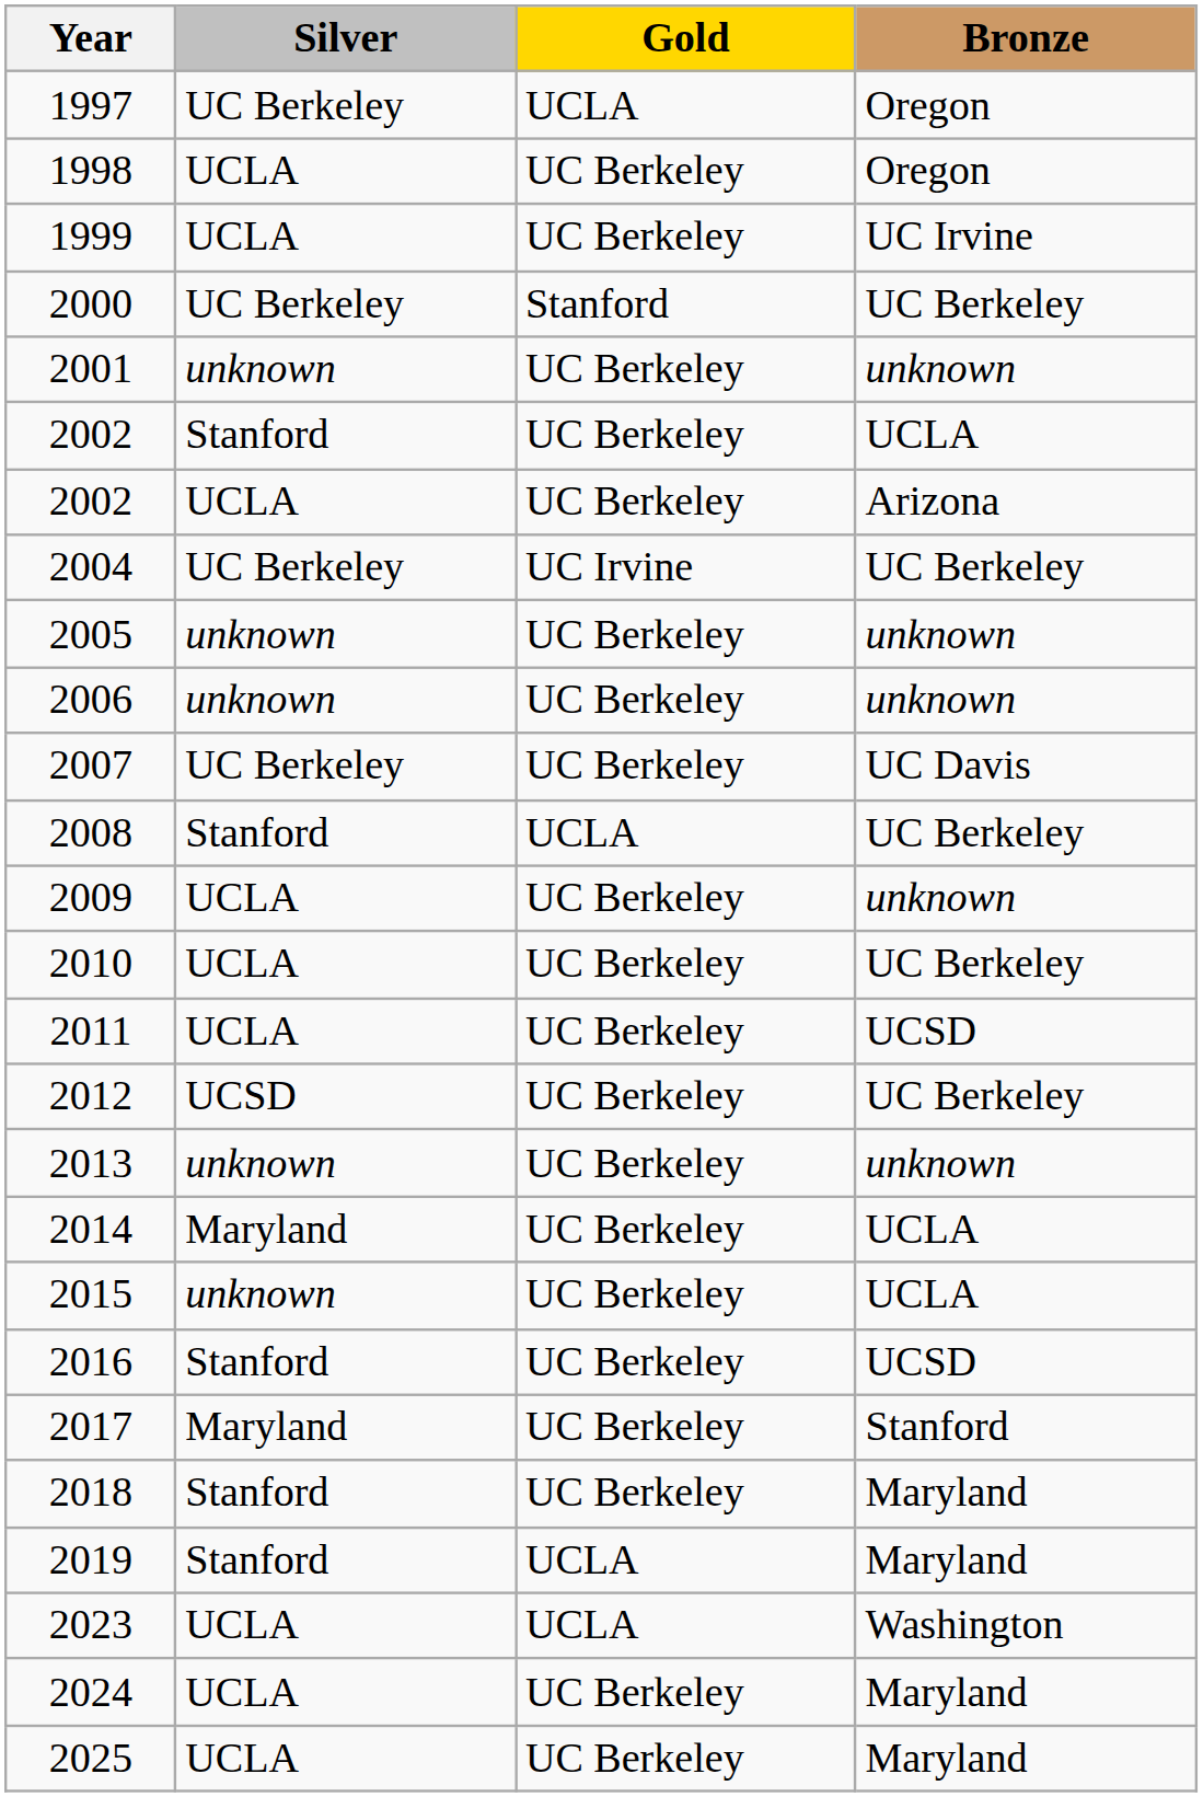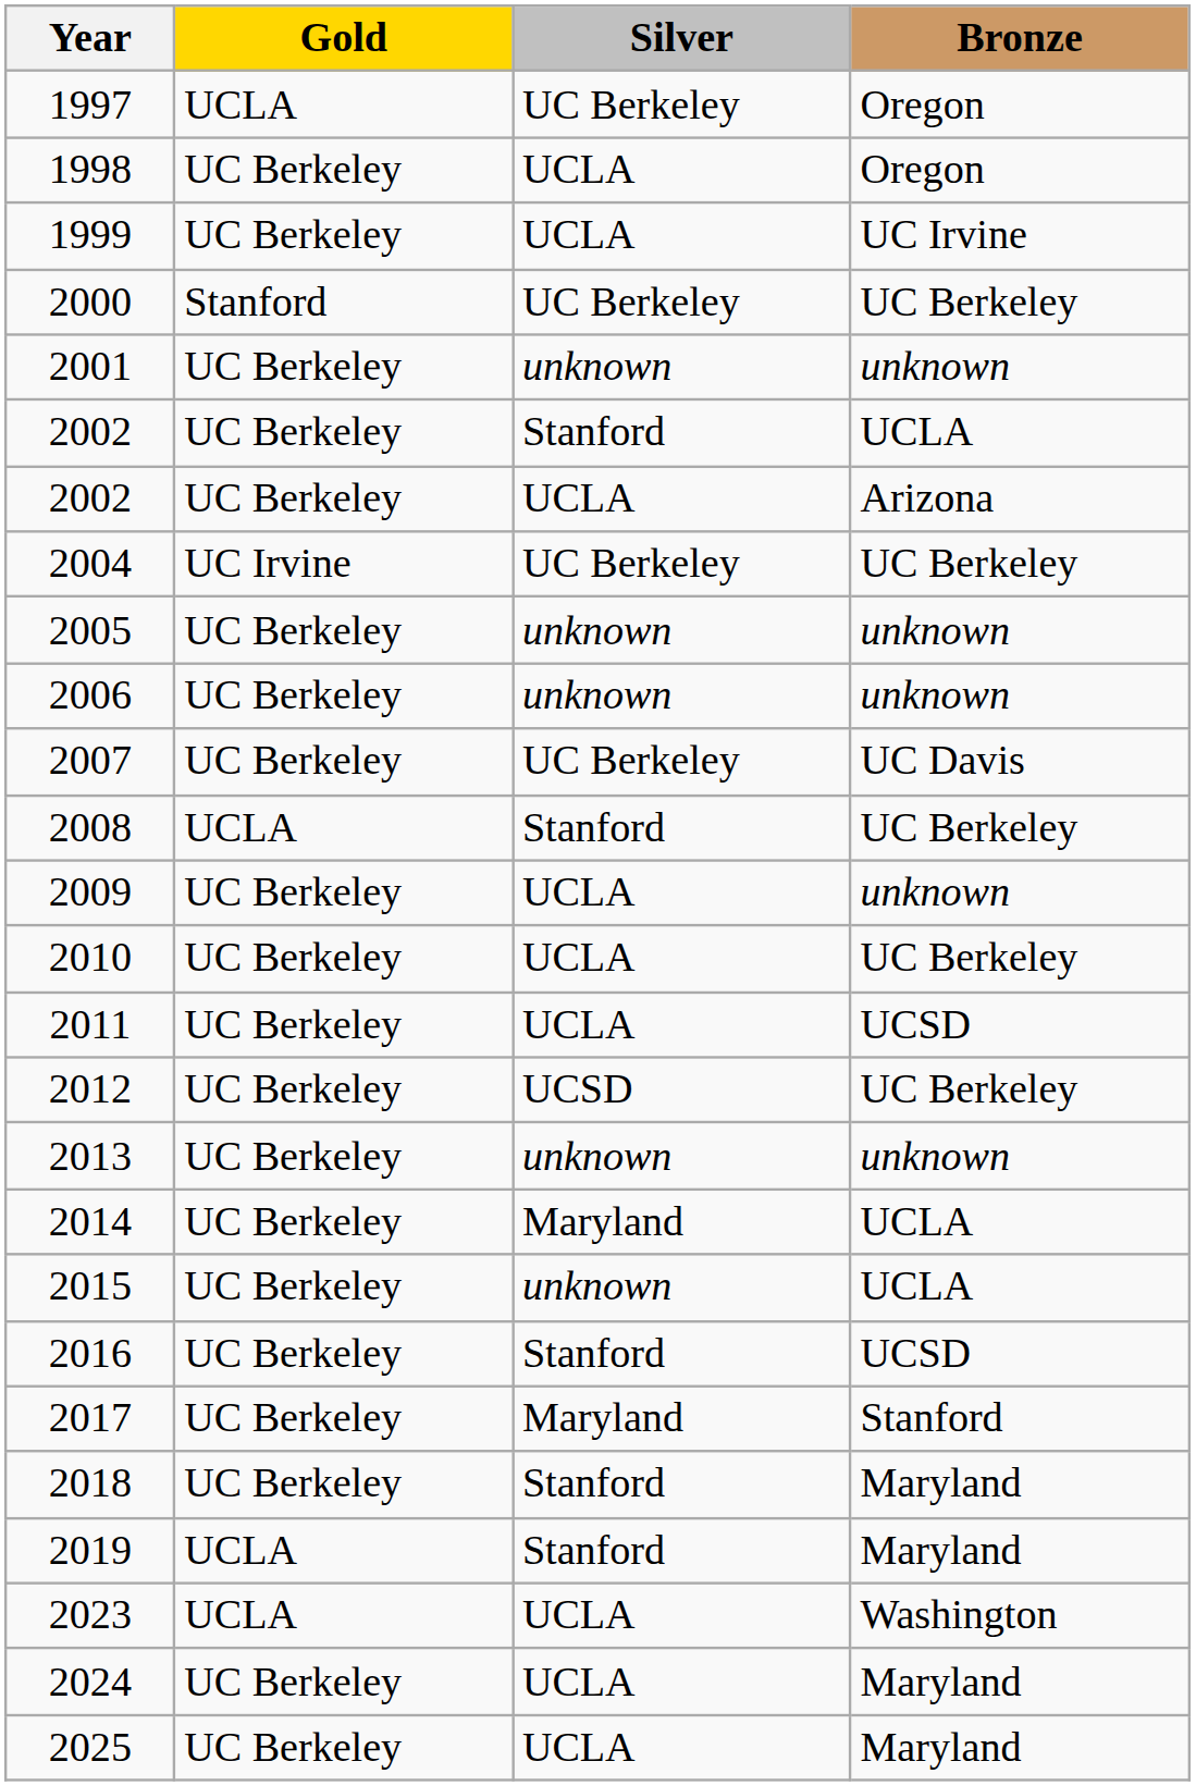 <table class="wikitable collapsible collapsed sortable;">
 <tr>
 <th scope="col" style="text-align:center; width:10%;">Year</th>
+<td scope="col" style="text-align:center; width:20%; background:gold"><strong>Gold</strong></td>
 <td scope="col" style="text-align:center; width:20%; background:silver"><strong>Silver</strong></td>
-<td scope="col" style="text-align:center; width:20%; background:gold"><strong>Gold</strong></td>
 <td scope="col" style="text-align:center; width:20%; background:#c96"><strong>Bronze</strong></td>
 </tr>
 <tr>
 <td align="center">1997</td>
+<td>UCLA</td>
+<td>UC Berkeley</td>
+<td>Oregon</td>
+</tr>
+<tr>
+<td align="center">1998</td>
 <td>UC Berkeley</td>
 <td>UCLA</td>
 <td>Oregon</td>
 </tr>
 <tr>
-<td align="center">1998</td>
+<td align="center">1999</td>
+<td>UC Berkeley</td>
 <td>UCLA</td>
-<td>UC Berkeley</td>
-<td>Oregon</td>
-</tr>
-<tr>
-<td align="center">1999</td>
-<td>UCLA</td>
-<td>UC Berkeley</td>
 <td>UC Irvine</td>
 </tr>
 <tr>
 <td align="center">2000</td>
+<td>Stanford</td>
 <td>UC Berkeley</td>
-<td>Stanford</td>
 <td>UC Berkeley</td>
 </tr>
 <tr>
 <td align="center">2001</td>
+<td>UC Berkeley</td>
 <td><em>unknown</em></td>
-<td>UC Berkeley</td>
 <td><em>unknown</em></td>
 </tr>
 <tr>
 <td align="center">2002</td>
+<td>UC Berkeley</td>
 <td>Stanford</td>
-<td>UC Berkeley</td>
 <td>UCLA</td>
 </tr>
 <tr>
 <td align="center">2002</td>
+<td>UC Berkeley</td>
 <td>UCLA</td>
-<td>UC Berkeley</td>
 <td>Arizona</td>
 </tr>
 <tr>
 <td align="center">2004</td>
+<td>UC Irvine</td>
 <td>UC Berkeley</td>
-<td>UC Irvine</td>
 <td>UC Berkeley</td>
 </tr>
 <tr>
 <td align="center">2005</td>
+<td>UC Berkeley</td>
 <td><em>unknown</em></td>
-<td>UC Berkeley</td>
 <td><em>unknown</em></td>
 </tr>
 <tr>
 <td align="center">2006</td>
+<td>UC Berkeley</td>
 <td><em>unknown</em></td>
-<td>UC Berkeley</td>
 <td><em>unknown</em></td>
 </tr>
 <tr>
 <td align="center">2007</td>
 <td>UC Berkeley</td>
 <td>UC Berkeley</td>
 <td>UC Davis</td>
 </tr>
 <tr>
 <td align="center">2008</td>
+<td>UCLA</td>
 <td>Stanford</td>
+<td>UC Berkeley</td>
+</tr>
+<tr>
+<td align="center">2009</td>
+<td>UC Berkeley</td>
+<td>UCLA</td>
+<td><em>unknown</em></td>
+</tr>
+<tr>
+<td align="center">2010</td>
+<td>UC Berkeley</td>
 <td>UCLA</td>
 <td>UC Berkeley</td>
 </tr>
 <tr>
-<td align="center">2009</td>
+<td align="center">2011</td>
+<td>UC Berkeley</td>
 <td>UCLA</td>
-<td>UC Berkeley</td>
-<td><em>unknown</em></td>
-</tr>
-<tr>
-<td align="center">2010</td>
-<td>UCLA</td>
-<td>UC Berkeley</td>
-<td>UC Berkeley</td>
-</tr>
-<tr>
-<td align="center">2011</td>
-<td>UCLA</td>
-<td>UC Berkeley</td>
 <td>UCSD</td>
 </tr>
 <tr>
 <td align="center">2012</td>
+<td>UC Berkeley</td>
 <td>UCSD</td>
-<td>UC Berkeley</td>
 <td>UC Berkeley</td>
 </tr>
 <tr>
 <td align="center">2013</td>
+<td>UC Berkeley</td>
 <td><em>unknown</em></td>
-<td>UC Berkeley</td>
 <td><em>unknown</em></td>
 </tr>
 <tr>
 <td align="center">2014</td>
+<td>UC Berkeley</td>
 <td>Maryland</td>
-<td>UC Berkeley</td>
 <td>UCLA</td>
 </tr>
 <tr>
 <td align="center">2015</td>
+<td>UC Berkeley</td>
 <td><em>unknown</em></td>
-<td>UC Berkeley</td>
 <td>UCLA</td>
 </tr>
 <tr>
 <td align="center">2016</td>
+<td>UC Berkeley</td>
 <td>Stanford</td>
-<td>UC Berkeley</td>
 <td>UCSD</td>
 </tr>
 <tr>
 <td align="center">2017</td>
+<td>UC Berkeley</td>
 <td>Maryland</td>
-<td>UC Berkeley</td>
 <td>Stanford</td>
 </tr>
 <tr>
 <td align="center">2018</td>
+<td>UC Berkeley</td>
 <td>Stanford</td>
-<td>UC Berkeley</td>
 <td>Maryland</td>
 </tr>
 <tr>
 <td align="center">2019</td>
+<td>UCLA</td>
 <td>Stanford</td>
-<td>UCLA</td>
 <td>Maryland</td>
 </tr>
 <tr>
 <td align="center">2023</td>
 <td>UCLA</td>
 <td>UCLA</td>
 <td>Washington</td>
 </tr>
 <tr>
 <td align="center">2024</td>
+<td>UC Berkeley</td>
 <td>UCLA</td>
-<td>UC Berkeley</td>
 <td>Maryland</td>
 </tr>
 <tr>
 <td align="center">2025</td>
+<td>UC Berkeley</td>
 <td>UCLA</td>
-<td>UC Berkeley</td>
 <td>Maryland</td>
 </tr>
 </table>
